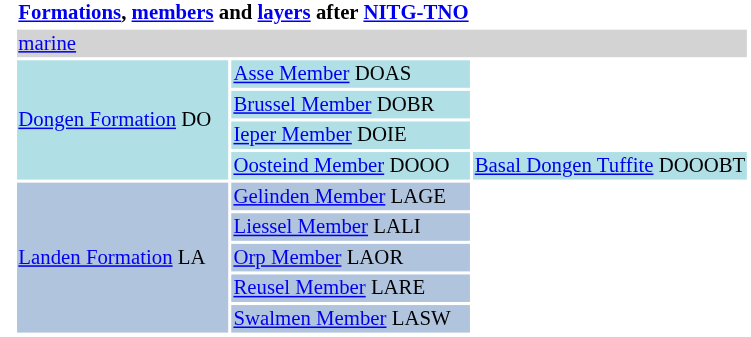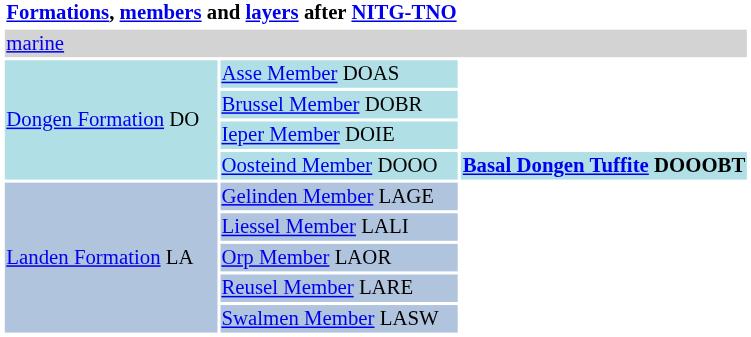 <table class="toccolours" style="float:right; margin-left: 1em; margin-bottom: 1em; font-size: 85%;">
 <tr>
 <td colspan="2"><strong><a href='#'>Formations</a>, <a href='#'>members</a> and <a href='#'>layers</a> after <a href='#'>NITG-TNO</a></strong></td>
 </tr>
 <tr>
 <td bgcolor="Lightgrey" colspan="3"><a href='#'>marine</a></td>
 </tr>
 <tr>
 <td rowspan="4" bgcolor="Powderblue"><a href='#'>Dongen Formation</a> DO</td>
 <td bgcolor="Powderblue"><a href='#'>Asse Member</a> DOAS</td>
 </tr>
 <tr>
 <td bgcolor="Powderblue"><a href='#'>Brussel Member</a> DOBR</td>
 </tr>
 <tr>
 <td bgcolor="Powderblue"><a href='#'>Ieper Member</a> DOIE</td>
 </tr>
 <tr>
 <td bgcolor="Powderblue"><a href='#'>Oosteind Member</a> DOOO</td>
-<td bgcolor="Powderblue"><a href='#'>Basal Dongen Tuffite</a> DOOOBT</td>
+<td bgcolor="Powderblue"><strong><a href='#'>Basal Dongen Tuffite</a> DOOOBT</strong></td>
 </tr>
 <tr>
 <td rowspan="5" bgcolor="Lightsteelblue"><a href='#'>Landen Formation</a> LA</td>
 <td bgcolor="Lightsteelblue"><a href='#'>Gelinden Member</a> LAGE</td>
 </tr>
 <tr>
 <td bgcolor="Lightsteelblue"><a href='#'>Liessel Member</a> LALI</td>
 </tr>
 <tr>
 <td bgcolor="Lightsteelblue"><a href='#'>Orp Member</a> LAOR</td>
 </tr>
 <tr>
 <td bgcolor="Lightsteelblue"><a href='#'>Reusel Member</a> LARE</td>
 </tr>
 <tr>
 <td bgcolor="Lightsteelblue"><a href='#'>Swalmen Member</a> LASW</td>
 </tr>
 </table>
